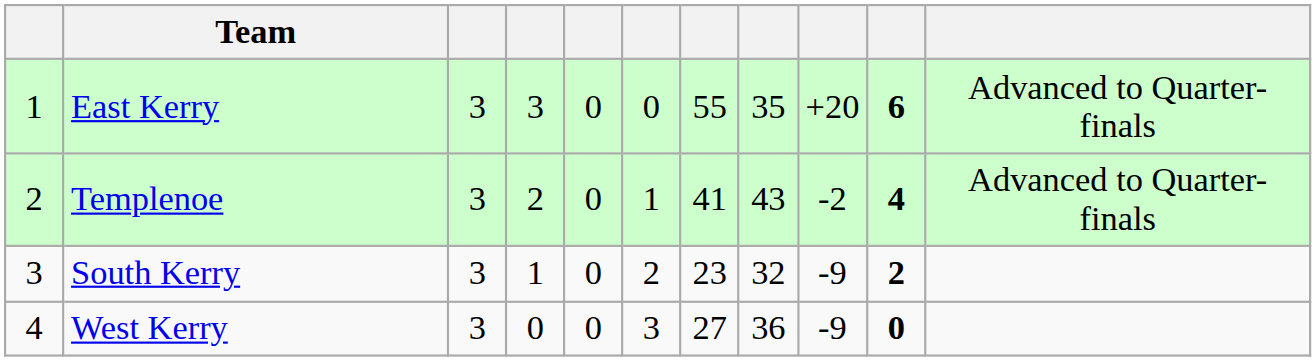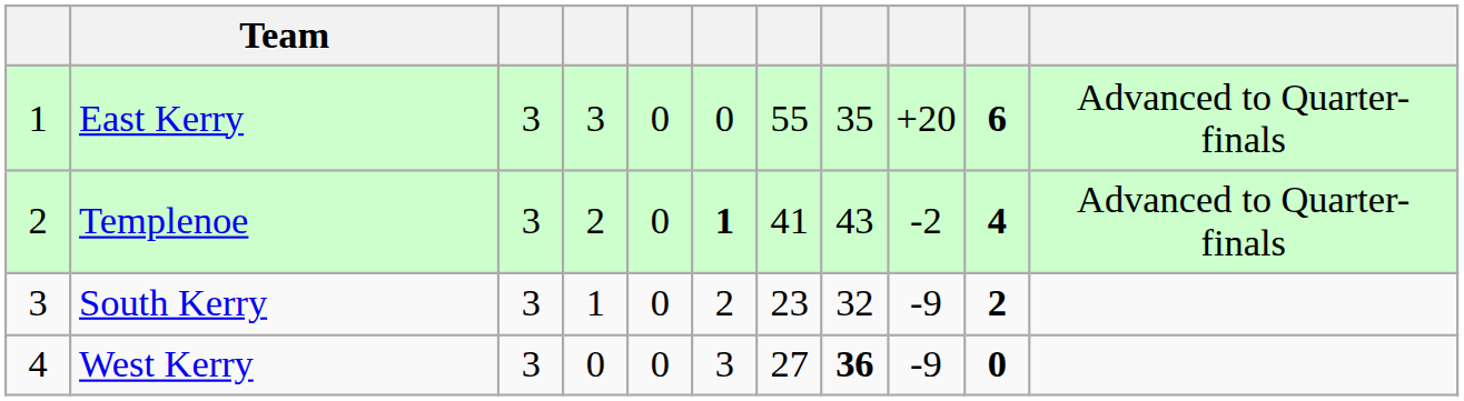 <table class="wikitable" style="text-align:center">
 <tr>
 <th width="20"></th>
 <th style="width:175px;">Team</th>
 <th width="20"></th>
 <th width="20"></th>
 <th width="20"></th>
 <th width="20"></th>
 <th width="20"></th>
 <th width="20"></th>
 <th width="20"></th>
 <th width="20"></th>
 <th style="width:175px;"></th>
 </tr>
 <tr style="background:#cfc;">
 <td>1</td>
 <td style="text-align:left;"> <a href='#'>East Kerry</a></td>
 <td>3</td>
 <td>3</td>
 <td>0</td>
 <td>0</td>
 <td>55</td>
 <td>35</td>
 <td>+20</td>
 <td><strong>6</strong></td>
 <td>Advanced to Quarter-finals</td>
 </tr>
 <tr style="background:#cfc;">
 <td>2</td>
 <td style="text-align:left;"> <a href='#'>Templenoe</a></td>
 <td>3</td>
 <td>2</td>
 <td>0</td>
-<td>1</td>
+<td><strong>1</strong></td>
 <td>41</td>
 <td>43</td>
 <td>-2</td>
 <td><strong>4</strong></td>
 <td>Advanced to Quarter-finals</td>
 </tr>
 <tr>
 <td>3</td>
 <td style="text-align:left;"> <a href='#'>South Kerry</a></td>
 <td>3</td>
 <td>1</td>
 <td>0</td>
 <td>2</td>
 <td>23</td>
 <td>32</td>
 <td>-9</td>
 <td><strong>2</strong></td>
 <td></td>
 </tr>
 <tr>
 <td>4</td>
 <td style="text-align:left;"> <a href='#'>West Kerry</a></td>
 <td>3</td>
 <td>0</td>
 <td>0</td>
 <td>3</td>
 <td>27</td>
-<td>36</td>
+<td><strong>36</strong></td>
 <td>-9</td>
 <td><strong>0</strong></td>
 <td></td>
 </tr>
 </table>
